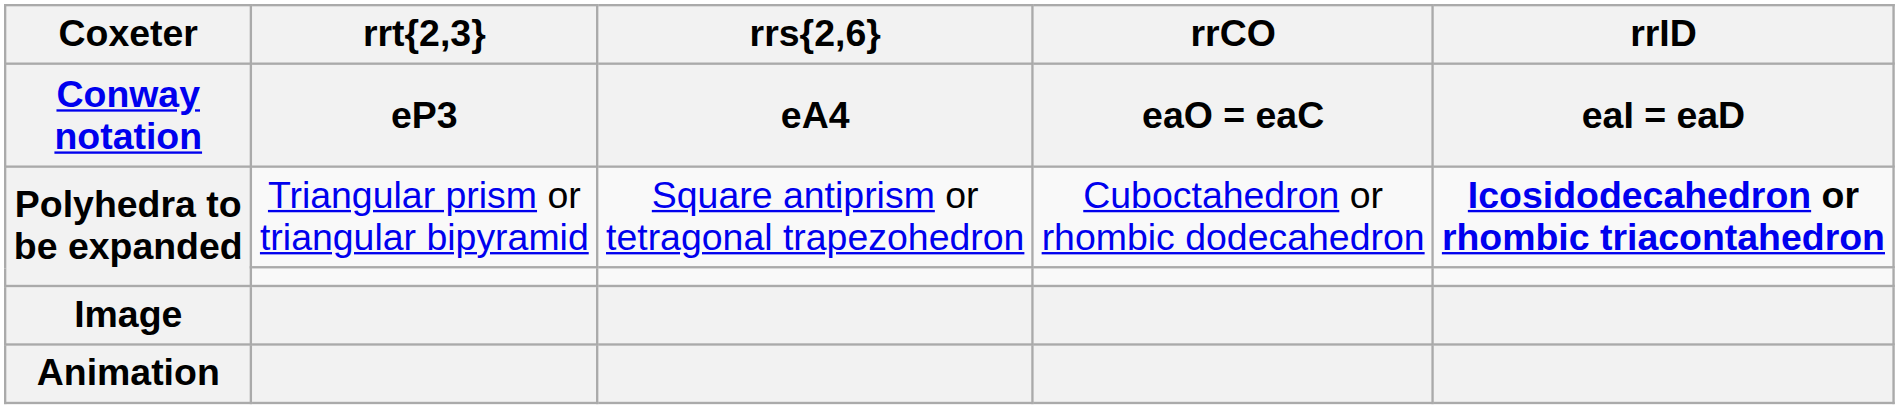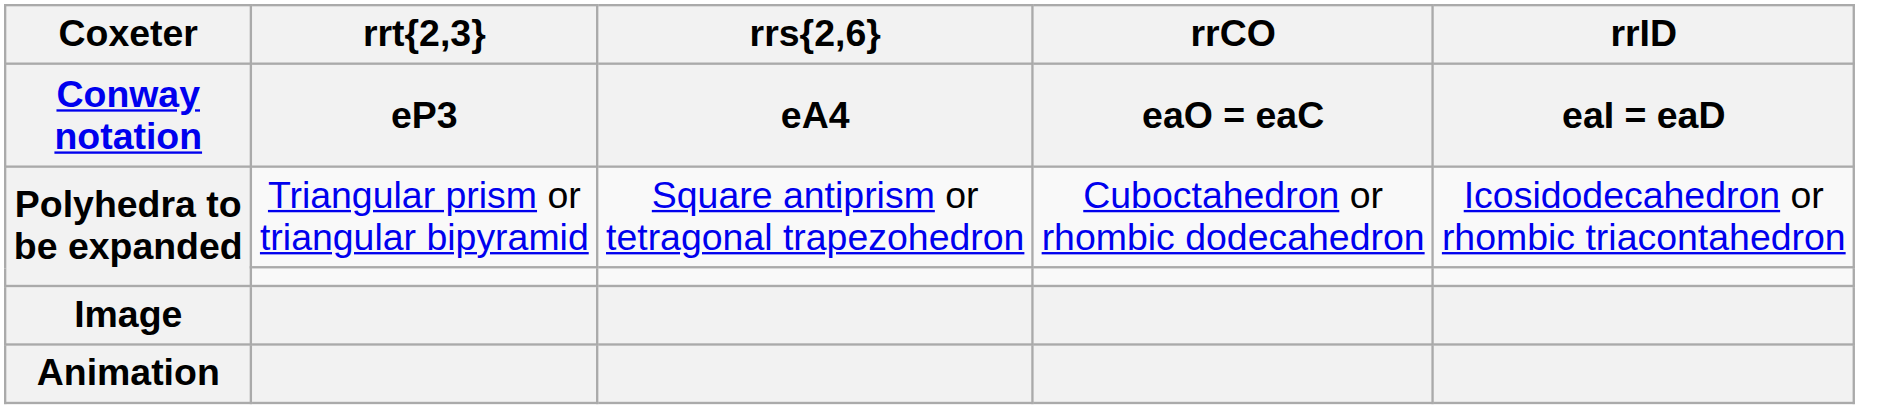 <table class=wikitable>
 <tr>
 <th>Coxeter</th>
 <th>rrt{2,3}</th>
 <th>rrs{2,6}</th>
 <th>rrCO</th>
 <th>rrID</th>
 </tr>
 <tr>
 <th><a href='#'>Conway<br>notation</a></th>
 <th>eP3</th>
 <th>eA4</th>
 <th>eaO = eaC</th>
 <th>eaI = eaD</th>
 </tr>
 <tr align=center>
 <th rowspan=2>Polyhedra to<br>be expanded</th>
 <td><a href='#'>Triangular prism</a> or<br><a href='#'>triangular bipyramid</a></td>
 <td><a href='#'>Square antiprism</a> or<br><a href='#'>tetragonal trapezohedron</a></td>
 <td><a href='#'>Cuboctahedron</a> or<br><a href='#'>rhombic dodecahedron</a></td>
-<td><strong><a href='#'>Icosidodecahedron</a> or<br><a href='#'>rhombic triacontahedron</a></strong></td>
+<td><a href='#'>Icosidodecahedron</a> or<br><a href='#'>rhombic triacontahedron</a></td>
 </tr>
 <tr align=center>
 <td></td>
 <td></td>
 <td></td>
 <td></td>
 </tr>
 <tr>
 <th>Image</th>
 <th></th>
 <th></th>
 <th></th>
 <th></th>
 </tr>
 <tr>
 <th>Animation</th>
 <th></th>
 <th></th>
 <th></th>
 <th></th>
 </tr>
 </table>
